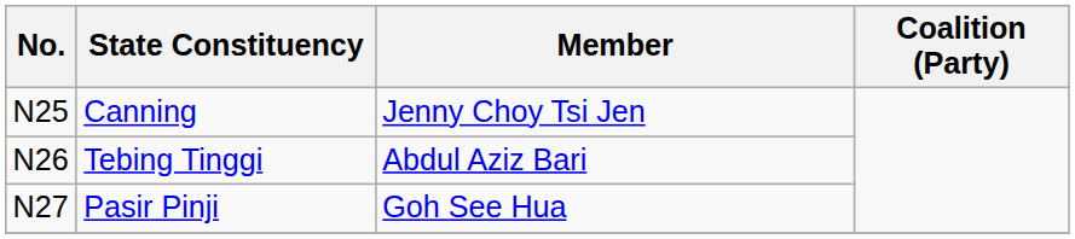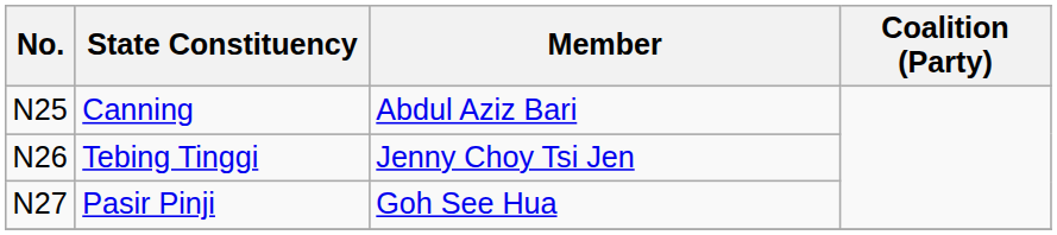 <table class="wikitable">
 <tr>
 <th width="30">No.</th>
 <th width="150">State Constituency</th>
 <th width="245">Member</th>
 <th width="105">Coalition (Party)</th>
 </tr>
 <tr>
 <td>N25</td>
 <td><a href='#'>Canning</a></td>
-<td><a href='#'>Jenny Choy Tsi Jen</a></td>
+<td><a href='#'>Abdul Aziz Bari</a></td>
 <td rowspan="3"></td>
 </tr>
 <tr>
 <td>N26</td>
 <td><a href='#'>Tebing Tinggi</a></td>
-<td><a href='#'>Abdul Aziz Bari</a></td>
+<td><a href='#'>Jenny Choy Tsi Jen</a></td>
 </tr>
 <tr>
 <td>N27</td>
 <td><a href='#'>Pasir Pinji</a></td>
 <td><a href='#'>Goh See Hua</a></td>
 </tr>
 <tr>
 </tr>
 </table>
